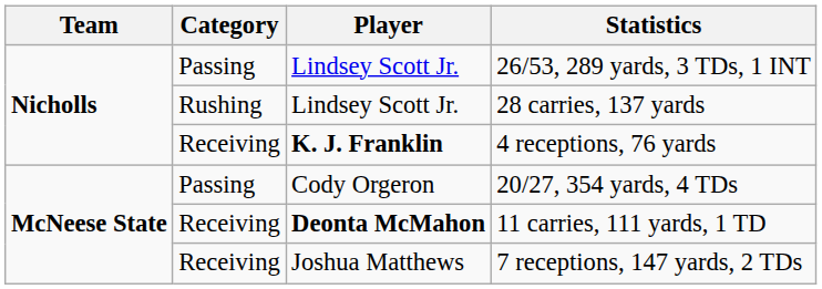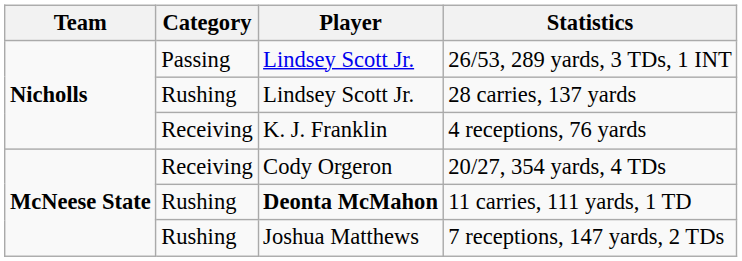 <table class="wikitable" style="float: left;">
 <tr>
 <th>Team</th>
 <th>Category</th>
 <th>Player</th>
 <th>Statistics</th>
 </tr>
 <tr>
 <td rowspan=3><strong>Nicholls</strong></td>
 <td>Passing</td>
 <td><a href='#'>Lindsey Scott Jr.</a></td>
 <td>26/53, 289 yards, 3 TDs, 1 INT</td>
 </tr>
 <tr>
 <td>Rushing</td>
 <td>Lindsey Scott Jr.</td>
 <td>28 carries, 137 yards</td>
 </tr>
 <tr>
 <td>Receiving</td>
-<td><strong>K. J. Franklin</strong></td>
+<td>K. J. Franklin</td>
 <td>4 receptions, 76 yards</td>
 </tr>
 <tr>
 <td rowspan=3><strong>McNeese State</strong></td>
-<td>Passing</td>
+<td>Receiving</td>
 <td>Cody Orgeron</td>
 <td>20/27, 354 yards, 4 TDs</td>
 </tr>
 <tr>
-<td>Receiving</td>
+<td>Rushing</td>
 <td><strong>Deonta McMahon</strong></td>
 <td>11 carries, 111 yards, 1 TD</td>
 </tr>
 <tr>
-<td>Receiving</td>
+<td>Rushing</td>
 <td>Joshua Matthews</td>
 <td>7 receptions, 147 yards, 2 TDs</td>
 </tr>
 </table>
